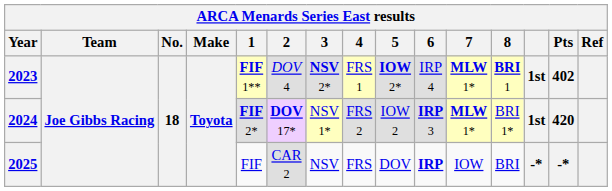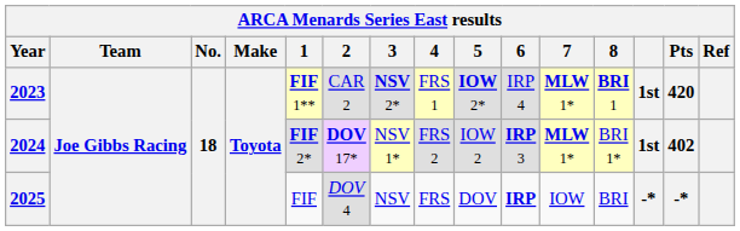 <table class="wikitable" style="text-align:center; font-size:75%">
 <tr>
 <th colspan=15><a href='#'>ARCA Menards Series East</a> results</th>
 </tr>
 <tr>
 <th>Year</th>
 <th>Team</th>
 <th>No.</th>
 <th>Make</th>
 <th>1</th>
 <th>2</th>
 <th>3</th>
 <th>4</th>
 <th>5</th>
 <th>6</th>
 <th>7</th>
 <th>8</th>
 <th></th>
 <th>Pts</th>
 <th>Ref</th>
 </tr>
 <tr>
 <th><a href='#'>2023</a></th>
 <th rowspan=3><a href='#'>Joe Gibbs Racing</a></th>
 <th rowspan=3>18</th>
 <th rowspan=3><a href='#'>Toyota</a></th>
 <td style="background:#FFFFBF;"><strong><a href='#'>FIF</a></strong><br><small>1**</small></td>
-<td style="background:#DFDFDF;"><em><a href='#'>DOV</a></em><br><small>4</small></td>
+<td style="background:#DFDFDF;"><a href='#'>CAR</a><br><small>2</small></td>
 <td style="background:#DFDFDF;"><strong><a href='#'>NSV</a></strong><br><small>2*</small></td>
 <td style="background:#FFFFBF;"><a href='#'>FRS</a><br><small>1</small></td>
 <td style="background:#DFDFDF;"><strong><a href='#'>IOW</a></strong><br><small>2*</small></td>
 <td style="background:#DFDFDF;"><a href='#'>IRP</a><br><small>4</small></td>
 <td style="background:#FFFFBF;"><strong><a href='#'>MLW</a></strong><br><small>1*</small></td>
 <td style="background:#FFFFBF;"><strong><a href='#'>BRI</a></strong><br><small>1</small></td>
 <th>1st</th>
-<th>402</th>
+<th>420</th>
 <th></th>
 </tr>
 <tr>
 <th><a href='#'>2024</a></th>
 <td style="background:#DFDFDF;"><strong><a href='#'>FIF</a></strong><br><small>2*</small></td>
 <td style="background:#EFCFFF;"><strong><a href='#'>DOV</a></strong><br><small>17*</small></td>
 <td style="background:#FFFFBF;"><a href='#'>NSV</a><br><small>1*</small></td>
 <td style="background:#DFDFDF;"><a href='#'>FRS</a><br><small>2</small></td>
 <td style="background:#DFDFDF;"><a href='#'>IOW</a><br><small>2</small></td>
 <td style="background:#DFDFDF;"><strong><a href='#'>IRP</a></strong><br><small>3</small></td>
 <td style="background:#FFFFBF;"><strong><a href='#'>MLW</a></strong><br><small>1*</small></td>
 <td style="background:#FFFFBF;"><a href='#'>BRI</a><br><small>1*</small></td>
 <th>1st</th>
-<th>420</th>
+<th>402</th>
 <th></th>
 </tr>
 <tr>
 <th><a href='#'>2025</a></th>
 <td><a href='#'>FIF</a></td>
-<td style="background:#DFDFDF;"><a href='#'>CAR</a><br><small>2</small></td>
+<td style="background:#DFDFDF;"><em><a href='#'>DOV</a></em><br><small>4</small></td>
 <td><a href='#'>NSV</a></td>
 <td><a href='#'>FRS</a></td>
 <td><a href='#'>DOV</a></td>
 <td><strong><a href='#'>IRP</a></strong></td>
 <td><a href='#'>IOW</a></td>
 <td><a href='#'>BRI</a></td>
 <th>-*</th>
 <th>-*</th>
 <th></th>
 </tr>
 </table>
